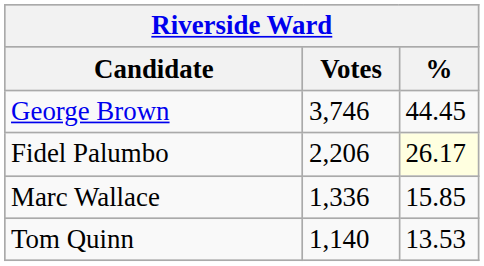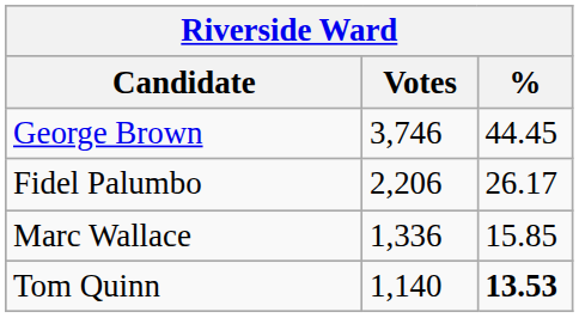 <table class="wikitable">
 <tr>
 <th colspan="3"><a href='#'>Riverside Ward</a></th>
 </tr>
 <tr>
 <th style="width: 170px">Candidate</th>
 <th style="width: 50px">Votes</th>
 <th style="width: 40px">%</th>
 </tr>
 <tr>
 <td><a href='#'>George Brown</a></td>
 <td>3,746</td>
 <td>44.45</td>
 </tr>
 <tr>
 <td>Fidel Palumbo</td>
 <td>2,206</td>
-<td style="background: lightyellow;">26.17</td>
+<td>26.17</td>
 </tr>
 <tr>
 <td>Marc Wallace</td>
 <td>1,336</td>
 <td>15.85</td>
 </tr>
 <tr>
 <td>Tom Quinn</td>
 <td>1,140</td>
-<td>13.53</td>
+<td><strong>13.53</strong></td>
 </tr>
 </table>
